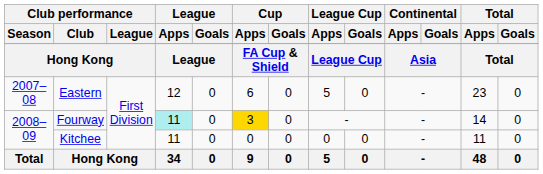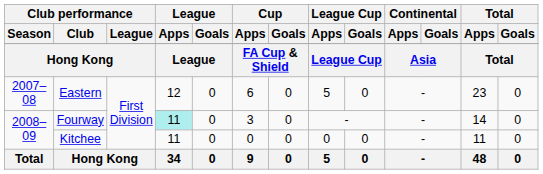 <table class="wikitable" style="text-align:center">
 <tr>
 <th colspan=3>Club performance</th>
 <th colspan=2>League</th>
 <th colspan=2>Cup</th>
 <th colspan=2>League Cup</th>
 <th colspan=2>Continental</th>
 <th colspan=2>Total</th>
 </tr>
 <tr>
 <th>Season</th>
 <th>Club</th>
 <th>League</th>
 <th>Apps</th>
 <th>Goals</th>
 <th>Apps</th>
 <th>Goals</th>
 <th>Apps</th>
 <th>Goals</th>
 <th>Apps</th>
 <th>Goals</th>
 <th>Apps</th>
 <th>Goals</th>
 </tr>
 <tr>
 </tr>
 <tr>
 <th colspan=3>Hong Kong</th>
 <th colspan=2>League</th>
 <th colspan=2><a href='#'>FA Cup</a> & <a href='#'>Shield</a></th>
 <th colspan=2><a href='#'>League Cup</a></th>
 <th colspan=2><a href='#'>Asia</a></th>
 <th colspan=2>Total</th>
 </tr>
 <tr>
 <td><a href='#'>2007–08</a></td>
 <td><a href='#'>Eastern</a></td>
 <td rowspan="3"><a href='#'>First Division</a></td>
 <td>12</td>
 <td>0</td>
 <td>6</td>
 <td>0</td>
 <td>5</td>
 <td>0</td>
 <td colspan=2>-</td>
 <td>23</td>
 <td>0</td>
 </tr>
 <tr>
 <td rowspan="2"><a href='#'>2008–09</a></td>
 <td><a href='#'>Fourway</a></td>
 <td style="background: paleturquoise;">11</td>
 <td>0</td>
-<td style="background: gold;">3</td>
+<td>3</td>
 <td>0</td>
 <td colspan="2">-</td>
 <td colspan=2>-</td>
 <td>14</td>
 <td>0</td>
 </tr>
 <tr>
 <td><a href='#'>Kitchee</a></td>
 <td>11</td>
 <td>0</td>
 <td>0</td>
 <td>0</td>
 <td>0</td>
 <td>0</td>
 <td colspan=2>-</td>
 <td>11</td>
 <td>0</td>
 </tr>
 <tr>
 <th rowspan=1>Total</th>
 <th colspan=2>Hong Kong</th>
 <th>34</th>
 <th>0</th>
 <th>9</th>
 <th>0</th>
 <th>5</th>
 <th>0</th>
 <th colspan="2">-</th>
 <th>48</th>
 <th>0</th>
 </tr>
 </table>
